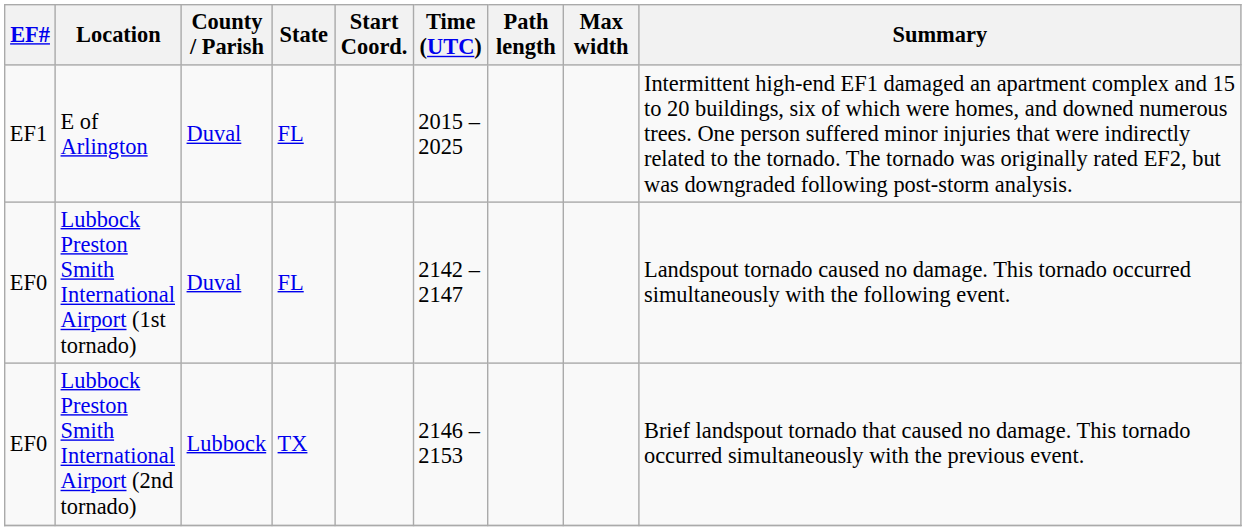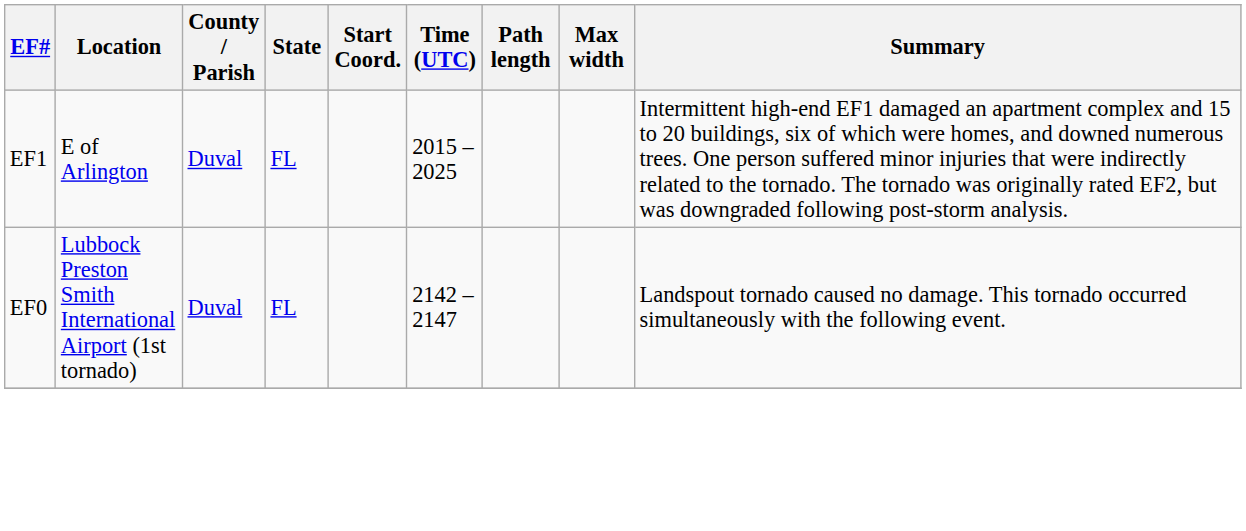 <table class="wikitable sortable" style="width:100%;">
 <tr>
 <th scope="col" width="3%" align="center"><a href='#'>EF#</a></th>
 <th scope="col" width="7%" align="center" class="unsortable">Location</th>
 <th scope="col" width="6%" align="center" class="unsortable">County / Parish</th>
 <th scope="col" width="5%" align="center">State</th>
 <th scope="col" width="6%" align="center">Start Coord.</th>
 <th scope="col" width="6%" align="center">Time (<a href='#'>UTC</a>)</th>
 <th scope="col" width="6%" align="center">Path length</th>
 <th scope="col" width="6%" align="center">Max width</th>
 <th scope="col" width="48%" class="unsortable" align="center">Summary</th>
 </tr>
 <tr>
 <td>EF1</td>
 <td>E of <a href='#'>Arlington</a></td>
 <td><a href='#'>Duval</a></td>
 <td><a href='#'>FL</a></td>
 <td></td>
 <td>2015 – 2025</td>
 <td></td>
 <td></td>
 <td>Intermittent high-end EF1 damaged an apartment complex and 15 to 20 buildings, six of which were homes, and downed numerous trees. One person suffered minor injuries that were indirectly related to the tornado. The tornado was originally rated EF2, but was downgraded following post-storm analysis.</td>
 </tr>
 <tr>
 <td>EF0</td>
 <td><a href='#'>Lubbock Preston Smith International Airport</a> (1st tornado)</td>
 <td><a href='#'>Duval</a></td>
 <td><a href='#'>FL</a></td>
 <td></td>
 <td>2142 – 2147</td>
 <td></td>
 <td></td>
 <td>Landspout tornado caused no damage. This tornado occurred simultaneously with the following event.</td>
 </tr>
 <tr>
-<td>EF0</td>
-<td><a href='#'>Lubbock Preston Smith International Airport</a> (2nd tornado)</td>
-<td><a href='#'>Lubbock</a></td>
-<td><a href='#'>TX</a></td>
-<td></td>
-<td>2146 – 2153</td>
-<td></td>
-<td></td>
-<td>Brief landspout tornado that caused no damage. This tornado occurred simultaneously with the previous event.</td>
-</tr>
-<tr>
 </tr>
 </table>
